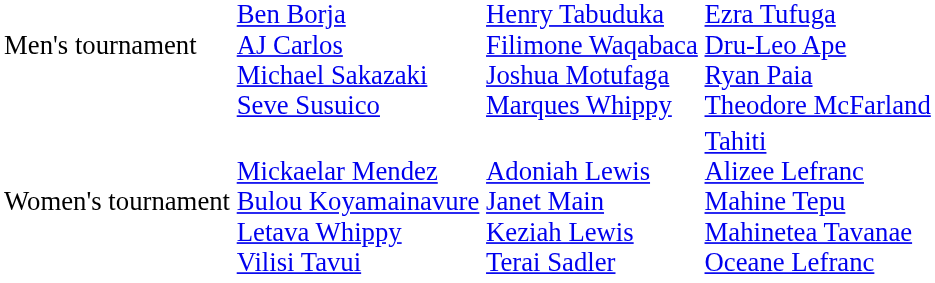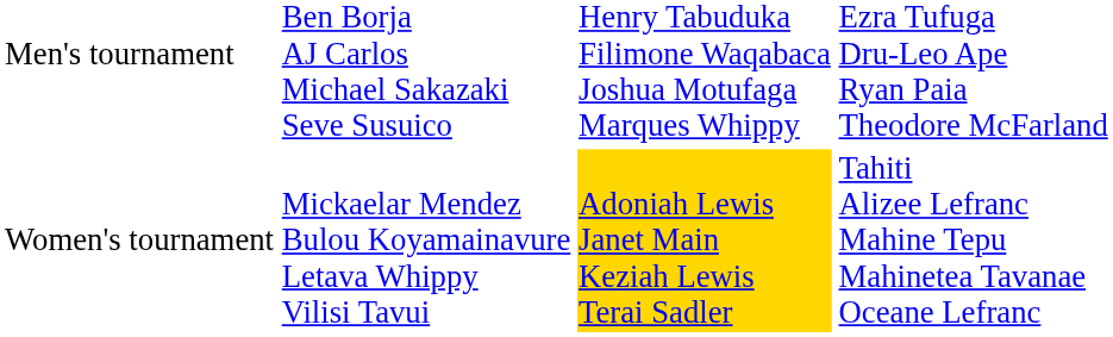 <table>
 <tr>
 <td>Men's tournament</td>
 <td><br><a href='#'>Ben Borja</a><br><a href='#'>AJ Carlos</a><br><a href='#'>Michael Sakazaki</a><br><a href='#'>Seve Susuico</a></td>
 <td><br><a href='#'>Henry Tabuduka</a><br><a href='#'>Filimone Waqabaca</a><br><a href='#'>Joshua Motufaga</a><br><a href='#'>Marques Whippy</a></td>
 <td><br><a href='#'>Ezra Tufuga</a><br><a href='#'>Dru-Leo Ape</a><br><a href='#'>Ryan Paia</a><br><a href='#'>Theodore McFarland</a></td>
 </tr>
 <tr>
 <td>Women's tournament</td>
 <td><br><a href='#'>Mickaelar Mendez</a><br><a href='#'>Bulou Koyamainavure</a><br><a href='#'>Letava Whippy</a><br><a href='#'>Vilisi Tavui</a></td>
-<td><br><a href='#'>Adoniah Lewis</a><br><a href='#'>Janet Main</a><br><a href='#'>Keziah Lewis</a><br><a href='#'>Terai Sadler</a></td>
+<td style="background: gold;"><br><a href='#'>Adoniah Lewis</a><br><a href='#'>Janet Main</a><br><a href='#'>Keziah Lewis</a><br><a href='#'>Terai Sadler</a></td>
 <td> <a href='#'>Tahiti</a><br><a href='#'>Alizee Lefranc</a><br><a href='#'>Mahine Tepu</a><br><a href='#'>Mahinetea Tavanae</a><br><a href='#'>Oceane Lefranc</a></td>
 </tr>
 </table>
